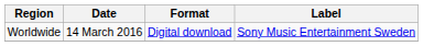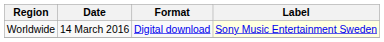 <table class=wikitable>
 <tr>
 <th>Region</th>
 <th>Date</th>
 <th>Format</th>
 <th>Label</th>
 </tr>
 <tr>
 <td>Worldwide</td>
 <td>14 March 2016</td>
 <td><a href='#'>Digital download</a></td>
-<td><a href='#'>Sony Music Entertainment Sweden</a></td>
+<td style="background: lightyellow;"><a href='#'>Sony Music Entertainment Sweden</a></td>
 </tr>
 <tr>
 </tr>
 </table>
